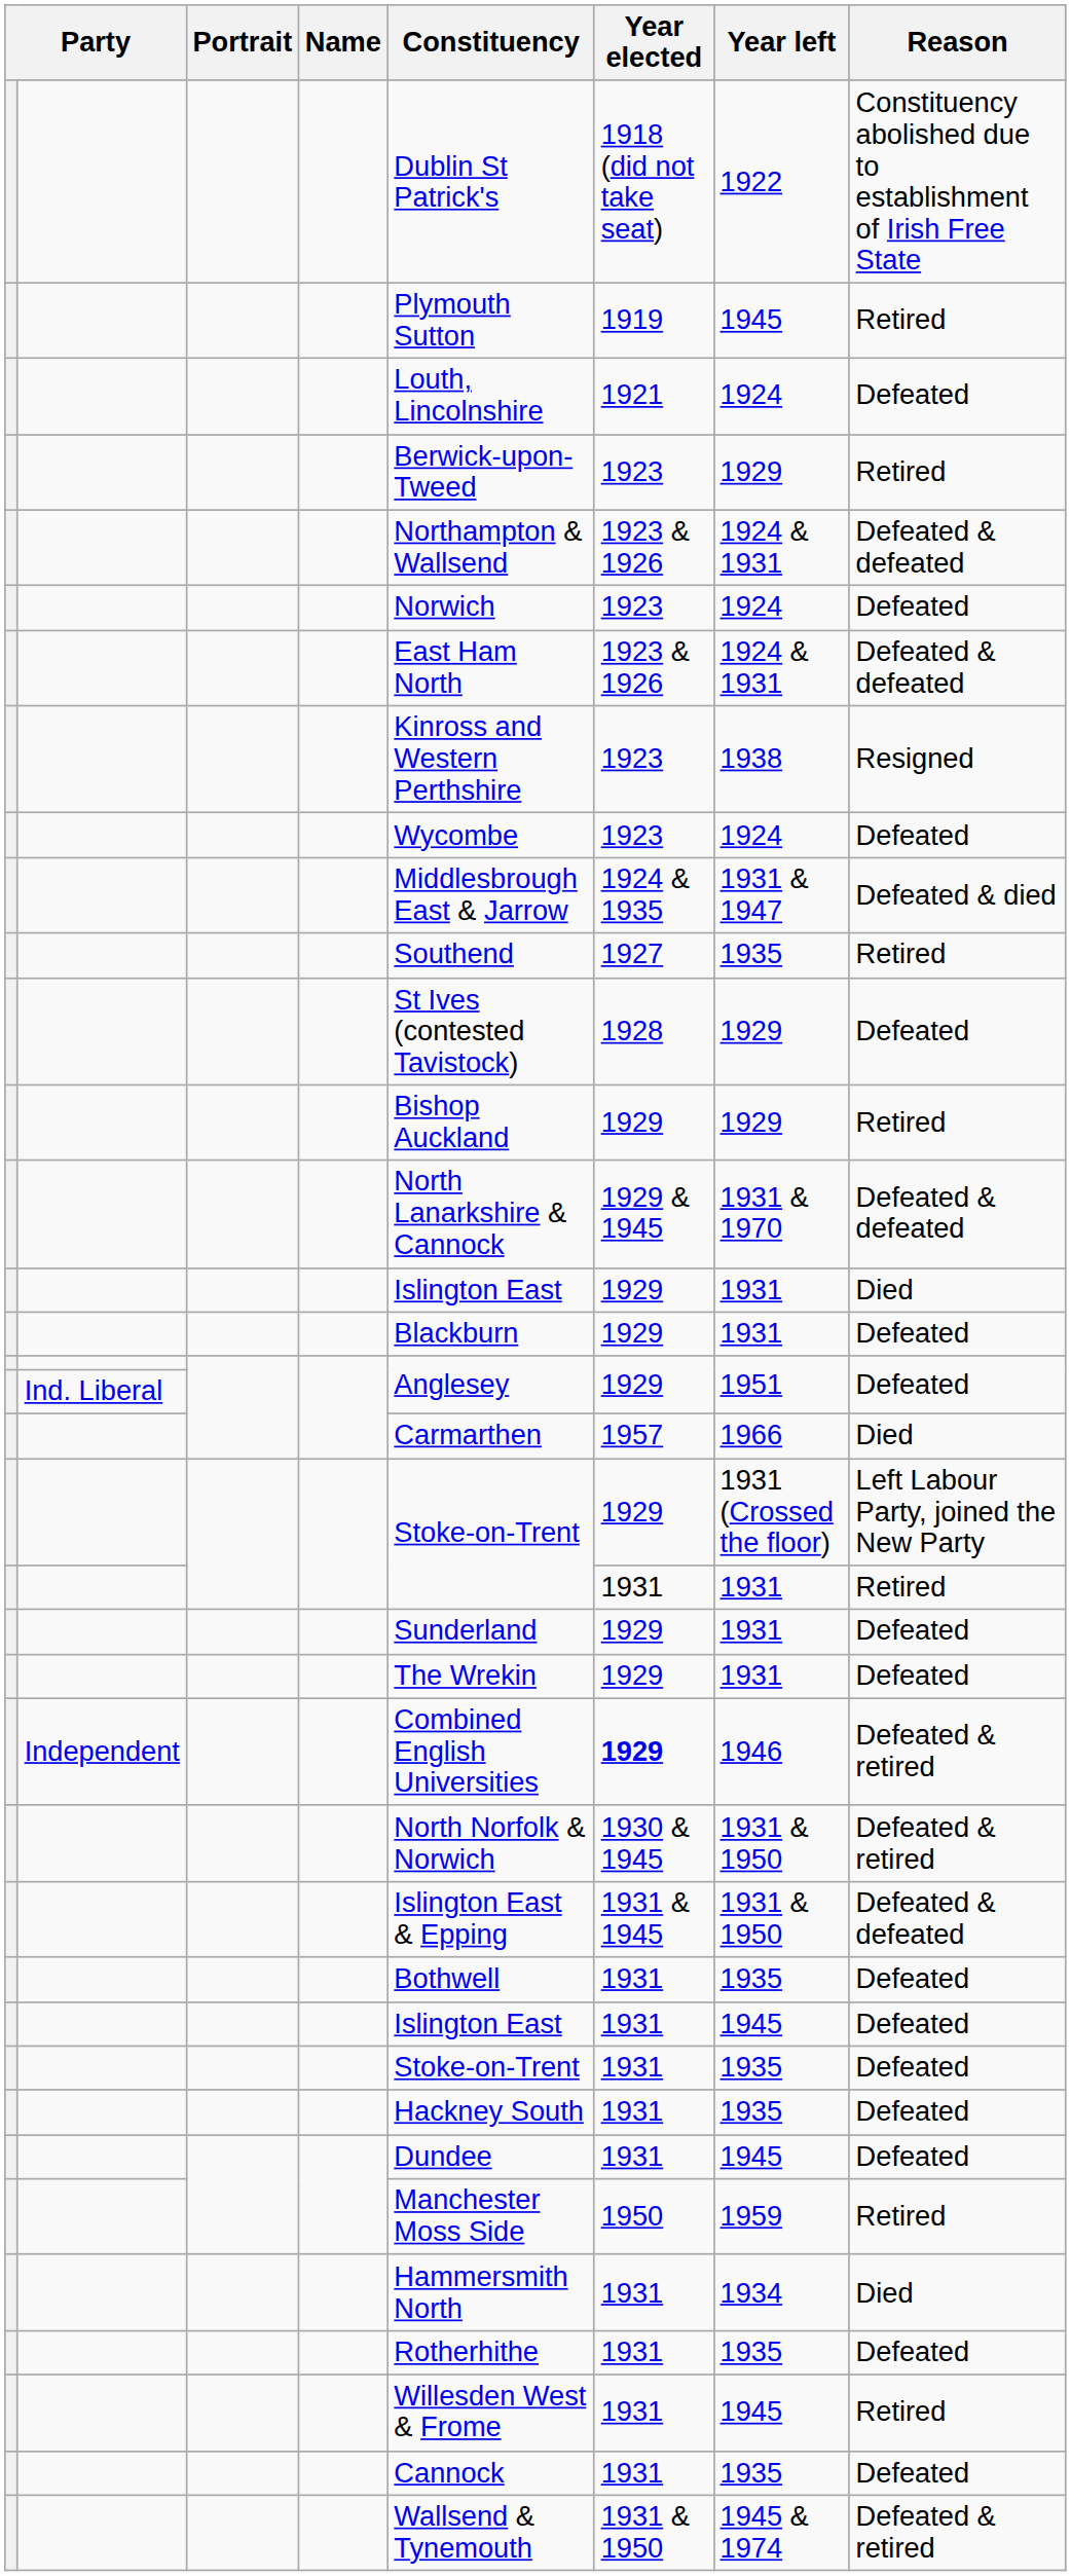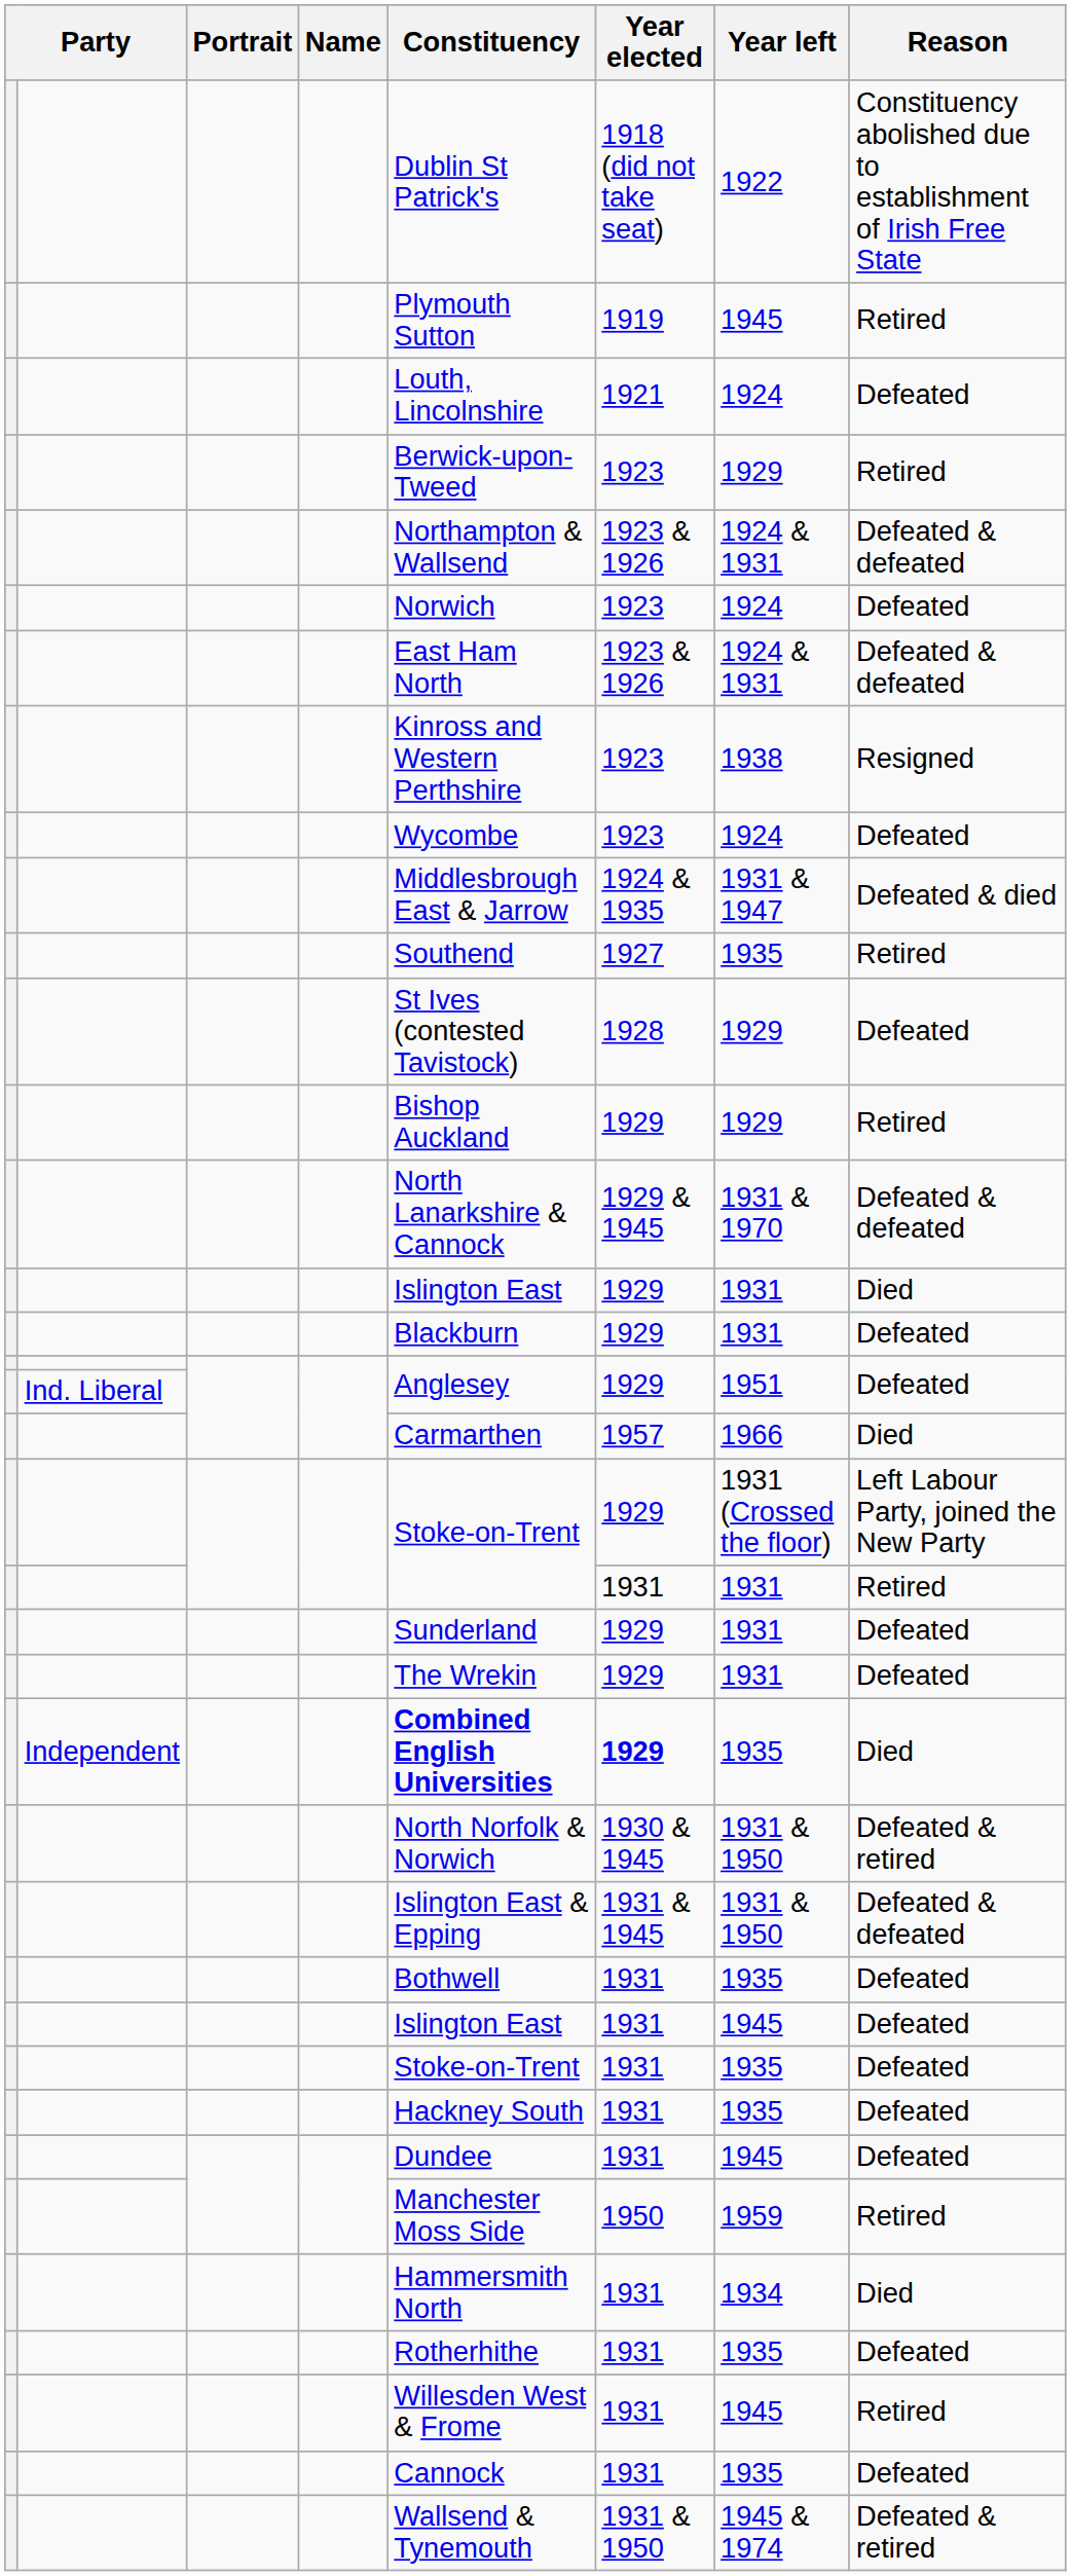 <table class="wikitable sortable">
 <tr>
 <th colspan=2>Party</th>
 <th>Portrait</th>
 <th>Name</th>
 <th>Constituency</th>
 <th>Year elected</th>
 <th>Year left</th>
 <th>Reason</th>
 </tr>
 <tr>
 <th style="background-color: "></th>
 <td></td>
 <td></td>
 <td></td>
 <td><a href='#'>Dublin St Patrick's</a></td>
 <td><a href='#'>1918</a> (<a href='#'>did not take seat</a>)</td>
 <td><a href='#'>1922</a></td>
 <td>Constituency abolished due to establishment of <a href='#'>Irish Free State</a></td>
 </tr>
 <tr>
 <th style="background-color: "></th>
 <td></td>
 <td></td>
 <td></td>
 <td><a href='#'>Plymouth Sutton</a></td>
 <td><a href='#'>1919</a></td>
 <td><a href='#'>1945</a></td>
 <td>Retired</td>
 </tr>
 <tr>
 <th style="background-color: "></th>
 <td></td>
 <td></td>
 <td></td>
 <td><a href='#'>Louth, Lincolnshire</a></td>
 <td><a href='#'>1921</a></td>
 <td><a href='#'>1924</a></td>
 <td>Defeated</td>
 </tr>
 <tr>
 <th style="background-color: "></th>
 <td></td>
 <td></td>
 <td></td>
 <td><a href='#'>Berwick-upon-Tweed</a></td>
 <td><a href='#'>1923</a></td>
 <td><a href='#'>1929</a></td>
 <td>Retired</td>
 </tr>
 <tr>
 <th style="background-color: "></th>
 <td></td>
 <td></td>
 <td></td>
 <td><a href='#'>Northampton</a> & <a href='#'>Wallsend</a></td>
 <td><a href='#'>1923</a> & <a href='#'>1926</a></td>
 <td><a href='#'>1924</a> & <a href='#'>1931</a></td>
 <td>Defeated & defeated</td>
 </tr>
 <tr>
 <th style="background-color: "></th>
 <td></td>
 <td></td>
 <td></td>
 <td><a href='#'>Norwich</a></td>
 <td><a href='#'>1923</a></td>
 <td><a href='#'>1924</a></td>
 <td>Defeated</td>
 </tr>
 <tr>
 <th style="background-color: "></th>
 <td></td>
 <td></td>
 <td></td>
 <td><a href='#'>East Ham North</a></td>
 <td><a href='#'>1923</a> & <a href='#'>1926</a></td>
 <td><a href='#'>1924</a> & <a href='#'>1931</a></td>
 <td>Defeated & defeated</td>
 </tr>
 <tr>
 <th style="background-color: "></th>
 <td></td>
 <td></td>
 <td></td>
 <td><a href='#'>Kinross and Western Perthshire</a></td>
 <td><a href='#'>1923</a></td>
 <td><a href='#'>1938</a></td>
 <td>Resigned</td>
 </tr>
 <tr>
 <th style="background-color: "></th>
 <td></td>
 <td></td>
 <td></td>
 <td><a href='#'>Wycombe</a></td>
 <td><a href='#'>1923</a></td>
 <td><a href='#'>1924</a></td>
 <td>Defeated</td>
 </tr>
 <tr>
 <th style="background-color: "></th>
 <td></td>
 <td></td>
 <td></td>
 <td><a href='#'>Middlesbrough East</a> & <a href='#'>Jarrow</a></td>
 <td><a href='#'>1924</a> & <a href='#'>1935</a></td>
 <td><a href='#'>1931</a> & <a href='#'>1947</a></td>
 <td>Defeated & died</td>
 </tr>
 <tr>
 <th style="background-color: "></th>
 <td></td>
 <td></td>
 <td></td>
 <td><a href='#'>Southend</a></td>
 <td><a href='#'>1927</a></td>
 <td><a href='#'>1935</a></td>
 <td>Retired</td>
 </tr>
 <tr>
 <th style="background-color: "></th>
 <td></td>
 <td></td>
 <td></td>
 <td><a href='#'>St Ives</a> (contested <a href='#'>Tavistock</a>)</td>
 <td><a href='#'>1928</a></td>
 <td><a href='#'>1929</a></td>
 <td>Defeated</td>
 </tr>
 <tr>
 <th style="background-color: "></th>
 <td></td>
 <td></td>
 <td></td>
 <td><a href='#'>Bishop Auckland</a></td>
 <td><a href='#'>1929</a></td>
 <td><a href='#'>1929</a></td>
 <td>Retired</td>
 </tr>
 <tr>
 <th style="background-color: "></th>
 <td></td>
 <td></td>
 <td></td>
 <td><a href='#'>North Lanarkshire</a> & <a href='#'>Cannock</a></td>
 <td><a href='#'>1929</a> & <a href='#'>1945</a></td>
 <td><a href='#'>1931</a> & <a href='#'>1970</a></td>
 <td>Defeated & defeated</td>
 </tr>
 <tr>
 <th style="background-color: "></th>
 <td></td>
 <td></td>
 <td></td>
 <td><a href='#'>Islington East</a></td>
 <td><a href='#'>1929</a></td>
 <td><a href='#'>1931</a></td>
 <td>Died</td>
 </tr>
 <tr>
 <th style="background-color: "></th>
 <td></td>
 <td></td>
 <td></td>
 <td><a href='#'>Blackburn</a></td>
 <td><a href='#'>1929</a></td>
 <td><a href='#'>1931</a></td>
 <td>Defeated</td>
 </tr>
 <tr>
 <th style="background-color: "></th>
 <td></td>
 <td rowspan=3></td>
 <td rowspan=3></td>
 <td rowspan=2><a href='#'>Anglesey</a></td>
 <td rowspan=2><a href='#'>1929</a></td>
 <td rowspan=2><a href='#'>1951</a></td>
 <td rowspan=2>Defeated</td>
 </tr>
 <tr>
 <th style="background-color: "></th>
 <td><a href='#'>Ind. Liberal</a></td>
 </tr>
 <tr>
 <th style="background-color: "></th>
 <td></td>
 <td><a href='#'>Carmarthen</a></td>
 <td><a href='#'>1957</a></td>
 <td><a href='#'>1966</a></td>
 <td>Died</td>
 </tr>
 <tr>
 <th style="background-color: "></th>
 <td></td>
 <td rowspan=2></td>
 <td rowspan=2></td>
 <td rowspan=2><a href='#'>Stoke-on-Trent</a></td>
 <td><a href='#'>1929</a></td>
 <td>1931 (<a href='#'>Crossed the floor</a>)</td>
 <td>Left Labour Party, joined the New Party</td>
 </tr>
 <tr>
 <th style="background-color: "></th>
 <td></td>
 <td>1931</td>
 <td><a href='#'>1931</a></td>
 <td>Retired</td>
 </tr>
 <tr>
 <th style="background-color: "></th>
 <td></td>
 <td></td>
 <td></td>
 <td><a href='#'>Sunderland</a></td>
 <td><a href='#'>1929</a></td>
 <td><a href='#'>1931</a></td>
 <td>Defeated</td>
 </tr>
 <tr>
 <th style="background-color: "></th>
 <td></td>
 <td></td>
 <td></td>
 <td><a href='#'>The Wrekin</a></td>
 <td><a href='#'>1929</a></td>
 <td><a href='#'>1931</a></td>
 <td>Defeated</td>
 </tr>
 <tr>
 <th style="background-color: "></th>
 <td><a href='#'>Independent</a></td>
 <td></td>
 <td></td>
-<td><a href='#'>Combined English Universities</a></td>
+<td><strong><a href='#'>Combined English Universities</a></strong></td>
 <td><strong><a href='#'>1929</a></strong></td>
-<td><a href='#'>1946</a></td>
-<td>Defeated & retired</td>
+<td><a href='#'>1935</a></td>
+<td>Died</td>
 </tr>
 <tr>
 <th style="background-color: "></th>
 <td></td>
 <td></td>
 <td></td>
 <td><a href='#'>North Norfolk</a> & <a href='#'>Norwich</a></td>
 <td><a href='#'>1930</a> & <a href='#'>1945</a></td>
 <td><a href='#'>1931</a> & <a href='#'>1950</a></td>
 <td>Defeated & retired</td>
 </tr>
 <tr>
 <th style="background-color: "></th>
 <td></td>
 <td></td>
 <td></td>
 <td><a href='#'>Islington East</a> & <a href='#'>Epping</a></td>
 <td><a href='#'>1931</a> & <a href='#'>1945</a></td>
 <td><a href='#'>1931</a> & <a href='#'>1950</a></td>
 <td>Defeated & defeated</td>
 </tr>
 <tr>
 <th style="background-color: "></th>
 <td></td>
 <td></td>
 <td></td>
 <td><a href='#'>Bothwell</a></td>
 <td><a href='#'>1931</a></td>
 <td><a href='#'>1935</a></td>
 <td>Defeated</td>
 </tr>
 <tr>
 <th style="background-color: "></th>
 <td></td>
 <td></td>
 <td></td>
 <td><a href='#'>Islington East</a></td>
 <td><a href='#'>1931</a></td>
 <td><a href='#'>1945</a></td>
 <td>Defeated</td>
 </tr>
 <tr>
 <th style="background-color: "></th>
 <td></td>
 <td></td>
 <td></td>
 <td><a href='#'>Stoke-on-Trent</a></td>
 <td><a href='#'>1931</a></td>
 <td><a href='#'>1935</a></td>
 <td>Defeated</td>
 </tr>
 <tr>
 <th style="background-color: "></th>
 <td></td>
 <td></td>
 <td></td>
 <td><a href='#'>Hackney South</a></td>
 <td><a href='#'>1931</a></td>
 <td><a href='#'>1935</a></td>
 <td>Defeated</td>
 </tr>
 <tr>
 <th style="background-color: "></th>
 <td></td>
 <td rowspan=2></td>
 <td rowspan=2></td>
 <td><a href='#'>Dundee</a></td>
 <td><a href='#'>1931</a></td>
 <td><a href='#'>1945</a></td>
 <td>Defeated</td>
 </tr>
 <tr>
 <th style="background-color: "></th>
 <td></td>
 <td><a href='#'>Manchester Moss Side</a></td>
 <td><a href='#'>1950</a></td>
 <td><a href='#'>1959</a></td>
 <td>Retired</td>
 </tr>
 <tr>
 <th style="background-color: "></th>
 <td></td>
 <td></td>
 <td></td>
 <td><a href='#'>Hammersmith North</a></td>
 <td><a href='#'>1931</a></td>
 <td><a href='#'>1934</a></td>
 <td>Died</td>
 </tr>
 <tr>
 <th style="background-color: "></th>
 <td></td>
 <td></td>
 <td></td>
 <td><a href='#'>Rotherhithe</a></td>
 <td><a href='#'>1931</a></td>
 <td><a href='#'>1935</a></td>
 <td>Defeated</td>
 </tr>
 <tr>
 <th style="background-color: "></th>
 <td></td>
 <td></td>
 <td></td>
 <td><a href='#'>Willesden West</a> & <a href='#'>Frome</a></td>
 <td><a href='#'>1931</a></td>
 <td><a href='#'>1945</a></td>
 <td>Retired</td>
 </tr>
 <tr>
 <th style="background-color: "></th>
 <td></td>
 <td></td>
 <td></td>
 <td><a href='#'>Cannock</a></td>
 <td><a href='#'>1931</a></td>
 <td><a href='#'>1935</a></td>
 <td>Defeated</td>
 </tr>
 <tr>
 <th style="background-color: "></th>
 <td></td>
 <td></td>
 <td></td>
 <td><a href='#'>Wallsend</a> & <a href='#'>Tynemouth</a></td>
 <td><a href='#'>1931</a> & <a href='#'>1950</a></td>
 <td><a href='#'>1945</a> & <a href='#'>1974</a></td>
 <td>Defeated & retired</td>
 </tr>
 </table>
